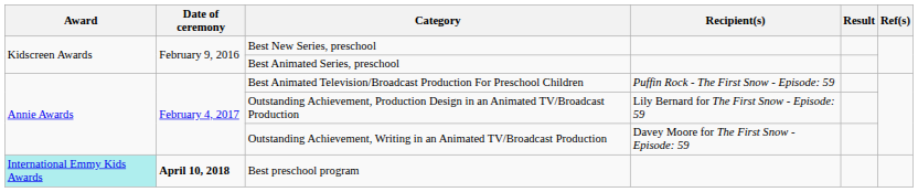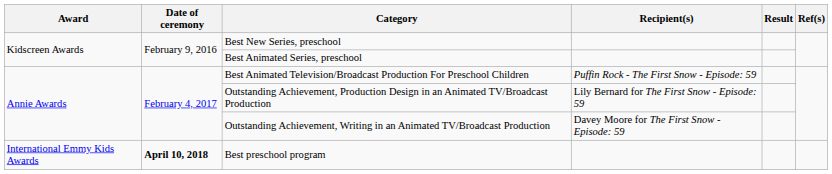 <table class=wikitable>
 <tr>
 <th>Award</th>
 <th>Date of ceremony</th>
 <th>Category</th>
 <th>Recipient(s)</th>
 <th>Result</th>
 <th>Ref(s)</th>
 </tr>
 <tr>
 <td rowspan="2">Kidscreen Awards</td>
 <td rowspan="2">February 9, 2016</td>
 <td>Best New Series, preschool</td>
 <td></td>
 <td></td>
 <td rowspan="2"></td>
 </tr>
 <tr>
 <td>Best Animated Series, preschool</td>
 <td></td>
 <td></td>
 </tr>
 <tr>
 <td rowspan="3"><a href='#'>Annie Awards</a></td>
 <td rowspan="3"><a href='#'>February 4, 2017</a></td>
 <td>Best Animated Television/Broadcast Production For Preschool Children</td>
 <td><em>Puffin Rock - The First Snow - Episode: 59</em></td>
 <td></td>
 <td rowspan="3"></td>
 </tr>
 <tr>
 <td>Outstanding Achievement, Production Design in an Animated TV/Broadcast Production</td>
 <td>Lily Bernard for <em>The First Snow - Episode: 59</em></td>
 <td></td>
 </tr>
 <tr>
 <td>Outstanding Achievement, Writing in an Animated TV/Broadcast Production</td>
 <td>Davey Moore for <em>The First Snow - Episode: 59</em></td>
 <td></td>
 </tr>
 <tr>
-<td style="background: paleturquoise;"><a href='#'>International Emmy Kids Awards</a></td>
+<td><a href='#'>International Emmy Kids Awards</a></td>
 <td><strong>April 10, 2018</strong></td>
 <td>Best preschool program</td>
 <td></td>
 <td></td>
 <td></td>
 </tr>
 </table>
